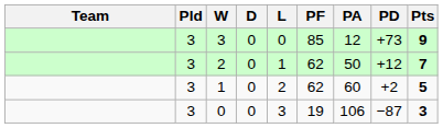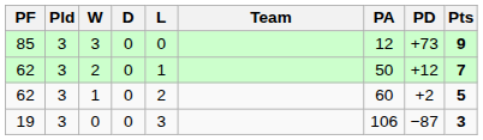 <table class="wikitable" style="text-align:center;">
 <tr>
-<th width=175>Team</th>
+<th width=32 abbr="Points for">PF</th>
 <th width=25 abbr="Played">Pld</th>
 <th width=25 abbr="Won">W</th>
 <th width=25 abbr="Drawn">D</th>
 <th width=25 abbr="Lost">L</th>
-<th width=32 abbr="Points for">PF</th>
+<th width=175>Team</th>
 <th width=32 abbr="Points against">PA</th>
 <th width=32 abbr="Points difference">PD</th>
 <th width=25 abbr="Points">Pts</th>
 </tr>
 <tr bgcolor="#ccffcc">
-<td align=left></td>
+<td>85</td>
 <td>3</td>
 <td>3</td>
 <td>0</td>
 <td>0</td>
-<td>85</td>
+<td align=left></td>
 <td>12</td>
 <td>+73</td>
 <td><strong>9</strong></td>
 </tr>
 <tr bgcolor="#ccffcc">
-<td align=left></td>
+<td>62</td>
 <td>3</td>
 <td>2</td>
 <td>0</td>
 <td>1</td>
-<td>62</td>
+<td align=left></td>
 <td>50</td>
 <td>+12</td>
 <td><strong>7</strong></td>
 </tr>
 <tr>
-<td align=left></td>
+<td>62</td>
 <td>3</td>
 <td>1</td>
 <td>0</td>
 <td>2</td>
-<td>62</td>
+<td align=left></td>
 <td>60</td>
 <td>+2</td>
 <td><strong>5</strong></td>
 </tr>
 <tr>
-<td align=left></td>
+<td>19</td>
 <td>3</td>
 <td>0</td>
 <td>0</td>
 <td>3</td>
-<td>19</td>
+<td align=left></td>
 <td>106</td>
 <td>−87</td>
 <td><strong>3</strong></td>
 </tr>
 </table>
